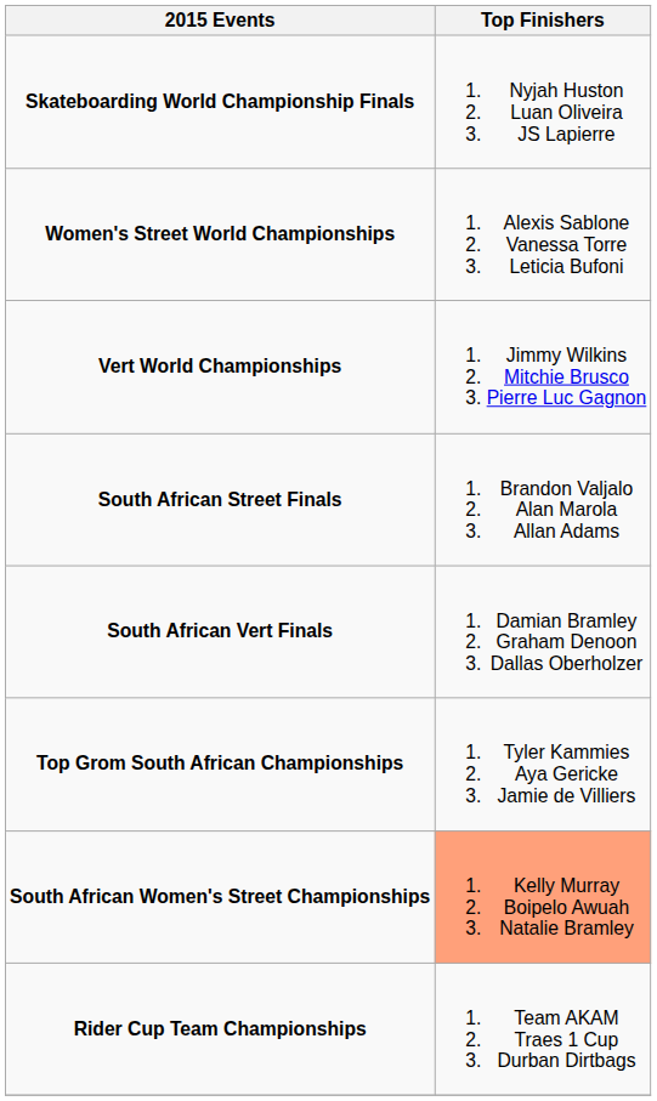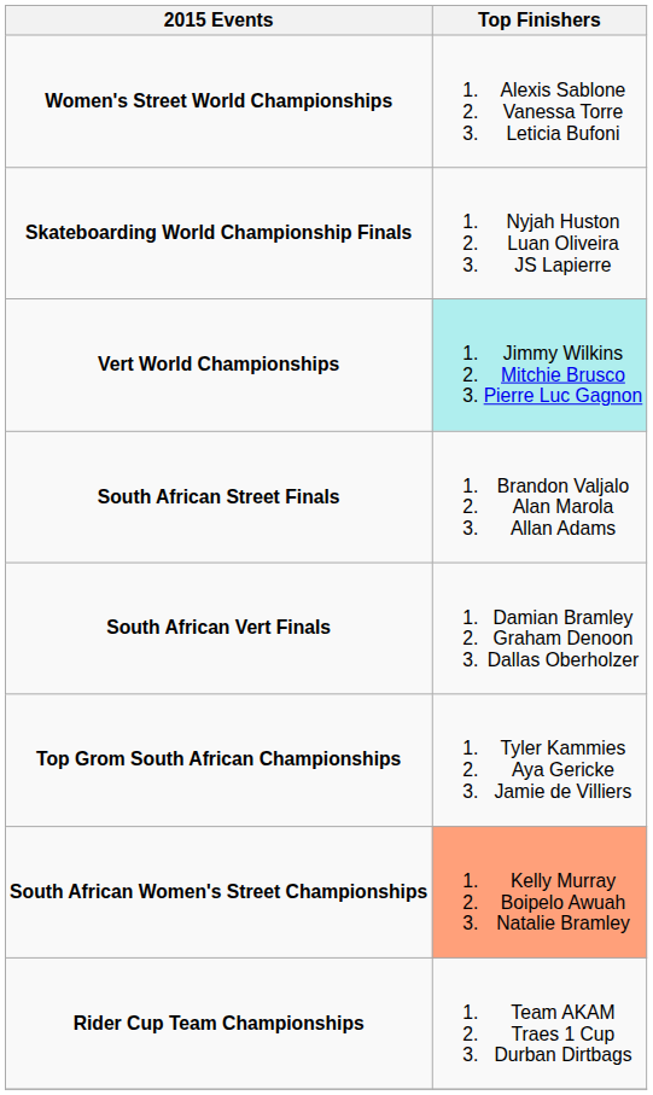 <table class="wikitable plainrowheaders" style="text-align:center;">
 <tr>
 <th scope="col" rowspan="1">2015 Events</th>
 <th scope="col" rowspan="1">Top Finishers</th>
 </tr>
 <tr>
+<td rowspan="1"><strong>Women's Street World Championships</strong></td>
+<td><br><ol><li> Alexis Sablone</li><li> Vanessa Torre</li><li> Leticia Bufoni</li></ol></td>
+</tr>
+<tr>
 <td rowspan="1"><strong>Skateboarding World Championship Finals</strong></td>
 <td><br><ol><li> Nyjah Huston</li><li> Luan Oliveira</li><li> JS Lapierre</li></ol></td>
 </tr>
 <tr>
-<td rowspan="1"><strong>Women's Street World Championships</strong></td>
-<td><br><ol><li> Alexis Sablone</li><li> Vanessa Torre</li><li> Leticia Bufoni</li></ol></td>
-</tr>
-<tr>
 <td rowspan="1"><strong>Vert World Championships</strong></td>
-<td><br><ol><li> Jimmy Wilkins</li><li> <a href='#'>Mitchie Brusco</a></li><li> <a href='#'>Pierre Luc Gagnon</a></li></ol></td>
+<td style="background: paleturquoise;"><br><ol><li> Jimmy Wilkins</li><li> <a href='#'>Mitchie Brusco</a></li><li> <a href='#'>Pierre Luc Gagnon</a></li></ol></td>
 </tr>
 <tr>
 <td rowspan="1"><strong>South African Street Finals</strong></td>
 <td><br><ol><li> Brandon Valjalo</li><li> Alan Marola</li><li> Allan Adams</li></ol></td>
 </tr>
 <tr>
 <td rowspan="1"><strong>South African Vert Finals</strong></td>
 <td><br><ol><li> Damian Bramley</li><li> Graham Denoon</li><li> Dallas Oberholzer</li></ol></td>
 </tr>
 <tr>
 <td rowspan="1"><strong>Top Grom South African Championships</strong></td>
 <td><br><ol><li> Tyler Kammies</li><li> Aya Gericke</li><li> Jamie de Villiers</li></ol></td>
 </tr>
 <tr>
 <td rowspan="1"><strong>South African Women's Street Championships</strong></td>
 <td style="background: lightsalmon;"><br><ol><li> Kelly Murray</li><li> Boipelo Awuah</li><li> Natalie Bramley</li></ol></td>
 </tr>
 <tr>
 <td rowspan="1"><strong>Rider Cup Team Championships</strong></td>
 <td><br><ol><li> Team AKAM</li><li> Traes 1 Cup</li><li> Durban Dirtbags</li></ol></td>
 </tr>
 <tr>
 </tr>
 </table>
